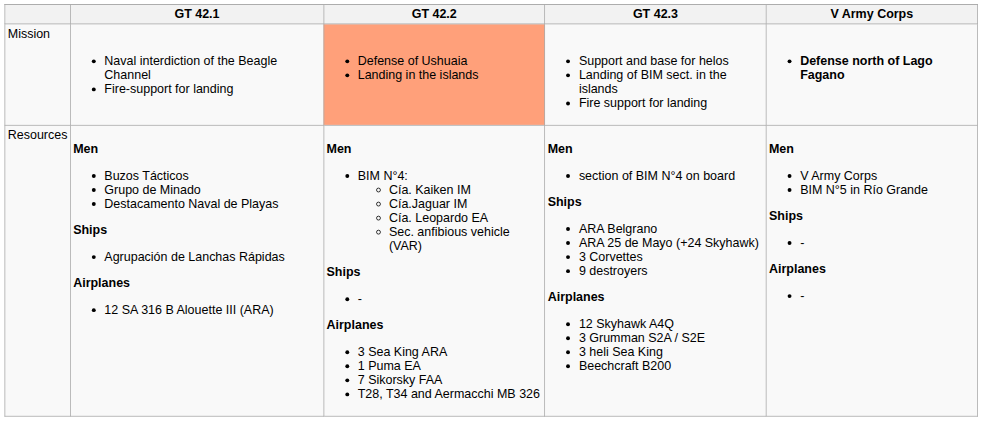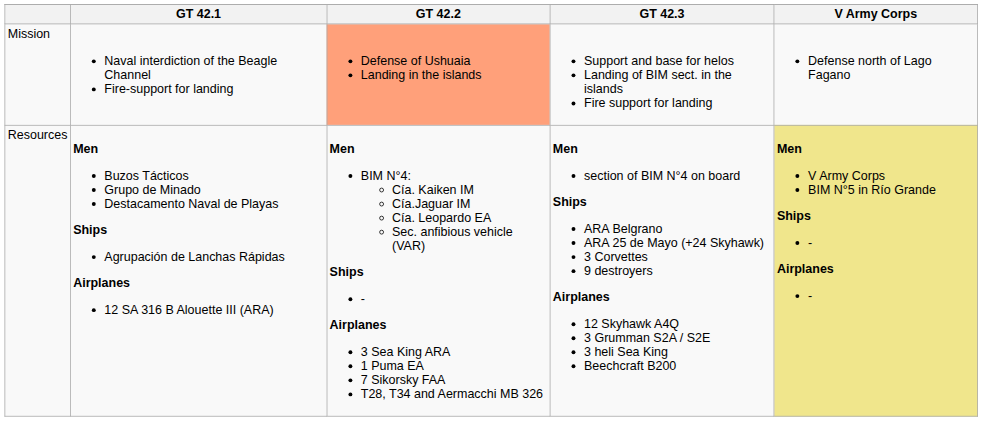 <table class="wikitable plainrowheaders" style="float: center; margin-right: 0; margin-left: 1em; text-align: left; font-size: 100%;">
 <tr>
 </tr>
 <tr>
 <th></th>
 <th>GT 42.1</th>
 <th>GT 42.2</th>
 <th>GT 42.3</th>
 <th>V Army Corps</th>
 </tr>
 <tr valign="top">
 <td>Mission</td>
 <td><br><ul><li>Naval interdiction of the Beagle Channel</li><li>Fire-support for landing</li></ul></td>
 <td style="background: lightsalmon;"><br><ul><li>Defense of Ushuaia</li><li>Landing in the islands</li></ul></td>
 <td><br><ul><li>Support and base for helos</li><li>Landing of BIM sect. in the islands</li><li>Fire support for landing</li></ul></td>
-<td><strong><br><ul><li>Defense north of Lago Fagano</li></ul></strong></td>
+<td><br><ul><li>Defense north of Lago Fagano</li></ul></td>
 </tr>
 <tr valign="top">
 <td>Resources</td>
 <td><br><strong>Men</strong><ul><li>Buzos Tácticos</li><li>Grupo de Minado</li><li>Destacamento Naval de Playas</li></ul><strong>Ships</strong><ul><li>Agrupación de Lanchas Rápidas</li></ul><strong>Airplanes</strong><ul><li>12 SA 316 B Alouette III (ARA)</li></ul></td>
 <td><br><strong>Men</strong><ul><li>BIM N°4:<ul><li>Cía. Kaiken IM</li><li>Cía.Jaguar IM</li><li>Cía. Leopardo EA</li><li>Sec. anfibious vehicle (VAR)</li></ul></li></ul><strong>Ships</strong><ul><li>-</li></ul><strong>Airplanes</strong><ul><li>3 Sea King ARA</li><li>1 Puma EA</li><li>7 Sikorsky FAA</li><li>T28, T34 and Aermacchi MB 326</li></ul></td>
 <td><br><strong>Men</strong><ul><li>section of BIM N°4 on board</li></ul><strong>Ships</strong><ul><li>ARA Belgrano</li><li>ARA 25 de Mayo (+24 Skyhawk)</li><li>3 Corvettes</li><li>9 destroyers</li></ul><strong>Airplanes</strong><ul><li>12 Skyhawk A4Q</li><li>3 Grumman S2A / S2E</li><li>3 heli Sea King</li><li>Beechcraft B200</li></ul></td>
-<td><br><strong>Men</strong><ul><li>V Army Corps</li><li>BIM N°5 in Río Grande</li></ul><strong>Ships</strong><ul><li>-</li></ul><strong>Airplanes</strong><ul><li>-</li></ul></td>
+<td style="background: khaki;"><br><strong>Men</strong><ul><li>V Army Corps</li><li>BIM N°5 in Río Grande</li></ul><strong>Ships</strong><ul><li>-</li></ul><strong>Airplanes</strong><ul><li>-</li></ul></td>
 </tr>
 </table>
